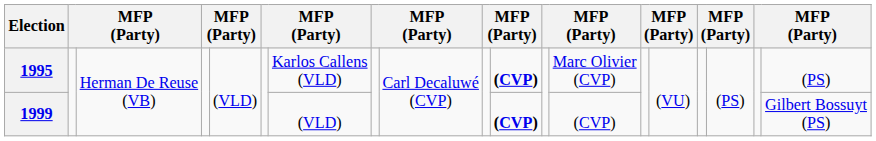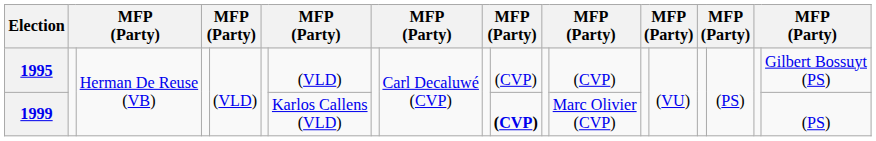 <table class="wikitable" style="text-align:center">
 <tr>
 <th>Election</th>
 <th colspan=2>MFP<br>(Party)</th>
 <th colspan=2>MFP<br>(Party)</th>
 <th colspan=2>MFP<br>(Party)</th>
 <th colspan=2>MFP<br>(Party)</th>
 <th colspan=2>MFP<br>(Party)</th>
 <th colspan=2>MFP<br>(Party)</th>
 <th colspan=2>MFP<br>(Party)</th>
 <th colspan=2>MFP<br>(Party)</th>
 <th colspan=2>MFP<br>(Party)</th>
 </tr>
 <tr>
 <th><a href='#'>1995</a></th>
 <td rowspan=2; style="background-color: "></td>
 <td rowspan=2><a href='#'>Herman De Reuse</a><br>(<a href='#'>VB</a>)</td>
 <td rowspan=2; style="background-color: "></td>
 <td rowspan=2><br>(<a href='#'>VLD</a>)</td>
 <td rowspan=2; style="background-color: "></td>
-<td><a href='#'>Karlos Callens</a><br>(<a href='#'>VLD</a>)</td>
+<td><br>(<a href='#'>VLD</a>)</td>
 <td rowspan=2; style="background-color: "></td>
 <td rowspan=2><a href='#'>Carl Decaluwé</a><br>(<a href='#'>CVP</a>)</td>
 <td rowspan=2; style="background-color: "></td>
-<td><strong><br>(<a href='#'>CVP</a>)</strong></td>
+<td><br>(<a href='#'>CVP</a>)</td>
 <td rowspan=2; style="background-color: "></td>
-<td><a href='#'>Marc Olivier</a><br>(<a href='#'>CVP</a>)</td>
+<td><br>(<a href='#'>CVP</a>)</td>
 <td rowspan=2; style="background-color: "></td>
 <td rowspan=2><br>(<a href='#'>VU</a>)</td>
 <td rowspan=2; style="background-color: "></td>
 <td rowspan=2><br>(<a href='#'>PS</a>)</td>
 <td rowspan=2; style="background-color: "></td>
-<td><br>(<a href='#'>PS</a>)</td>
+<td><a href='#'>Gilbert Bossuyt</a><br>(<a href='#'>PS</a>)</td>
 </tr>
 <tr>
 <th><a href='#'>1999</a></th>
-<td><br>(<a href='#'>VLD</a>)</td>
+<td><a href='#'>Karlos Callens</a><br>(<a href='#'>VLD</a>)</td>
 <td><strong><br>(<a href='#'>CVP</a>)</strong></td>
-<td><br>(<a href='#'>CVP</a>)</td>
-<td><a href='#'>Gilbert Bossuyt</a><br>(<a href='#'>PS</a>)</td>
+<td><a href='#'>Marc Olivier</a><br>(<a href='#'>CVP</a>)</td>
+<td><br>(<a href='#'>PS</a>)</td>
 </tr>
 </table>
